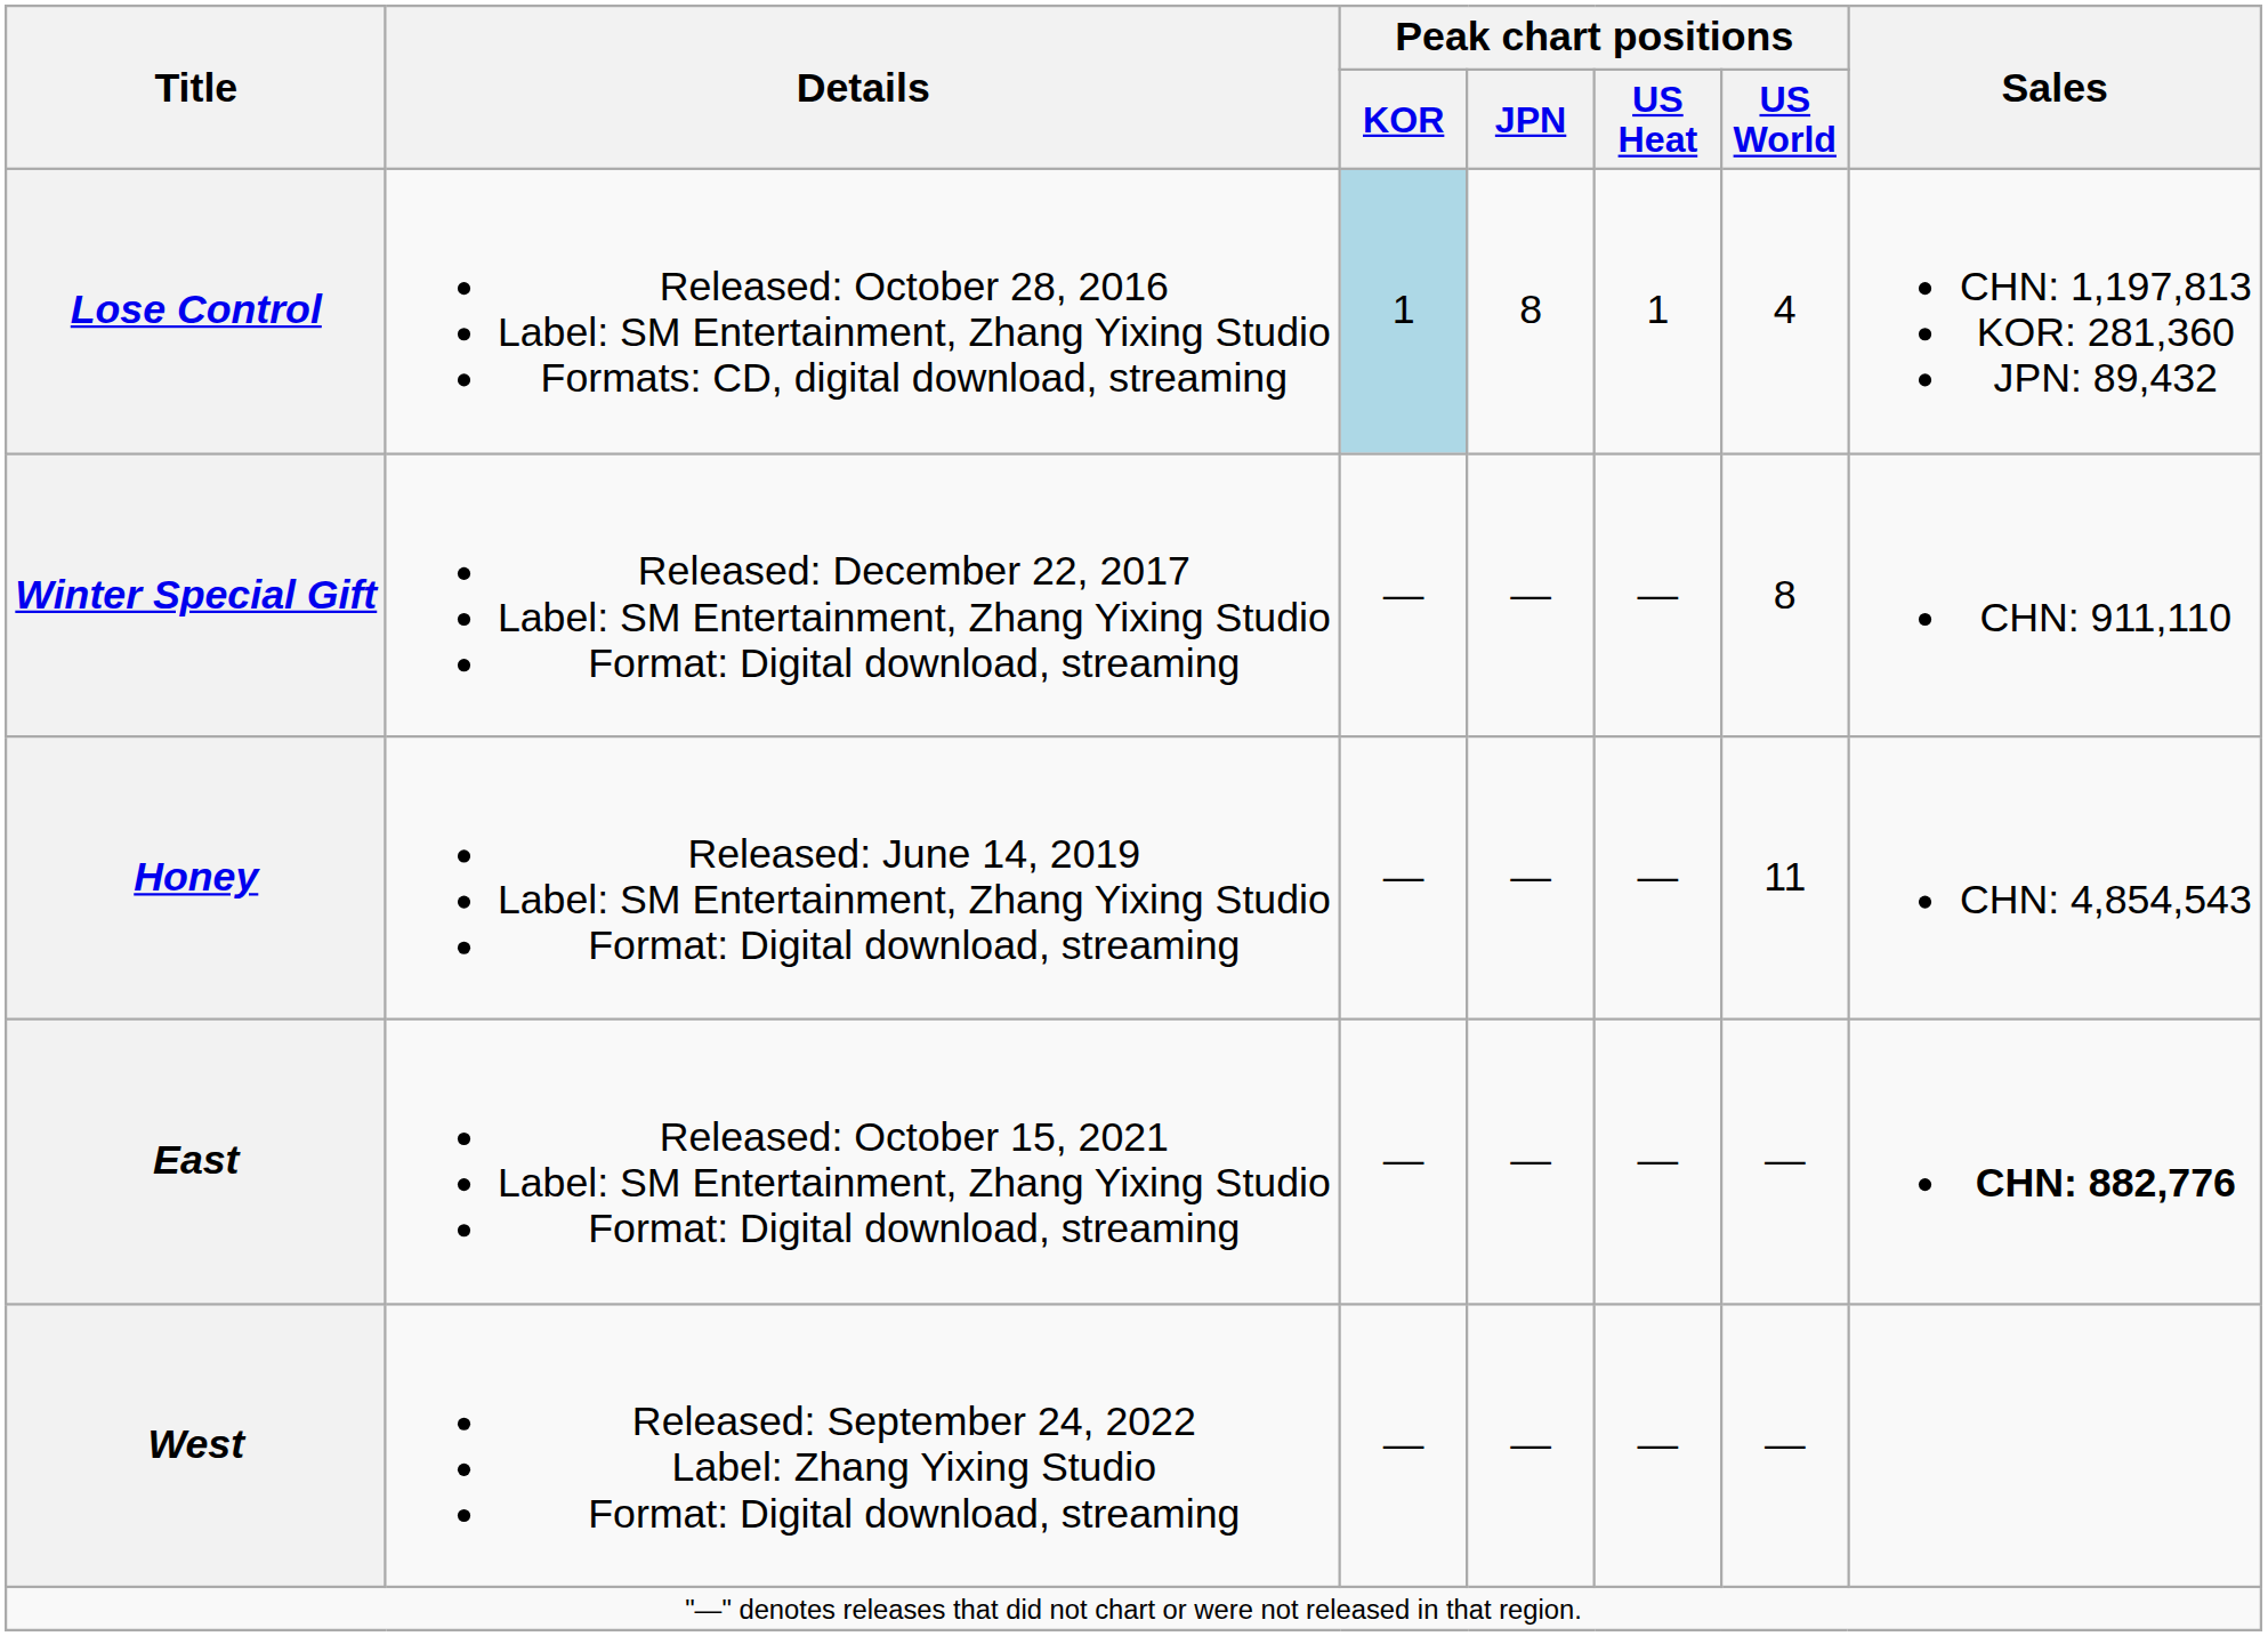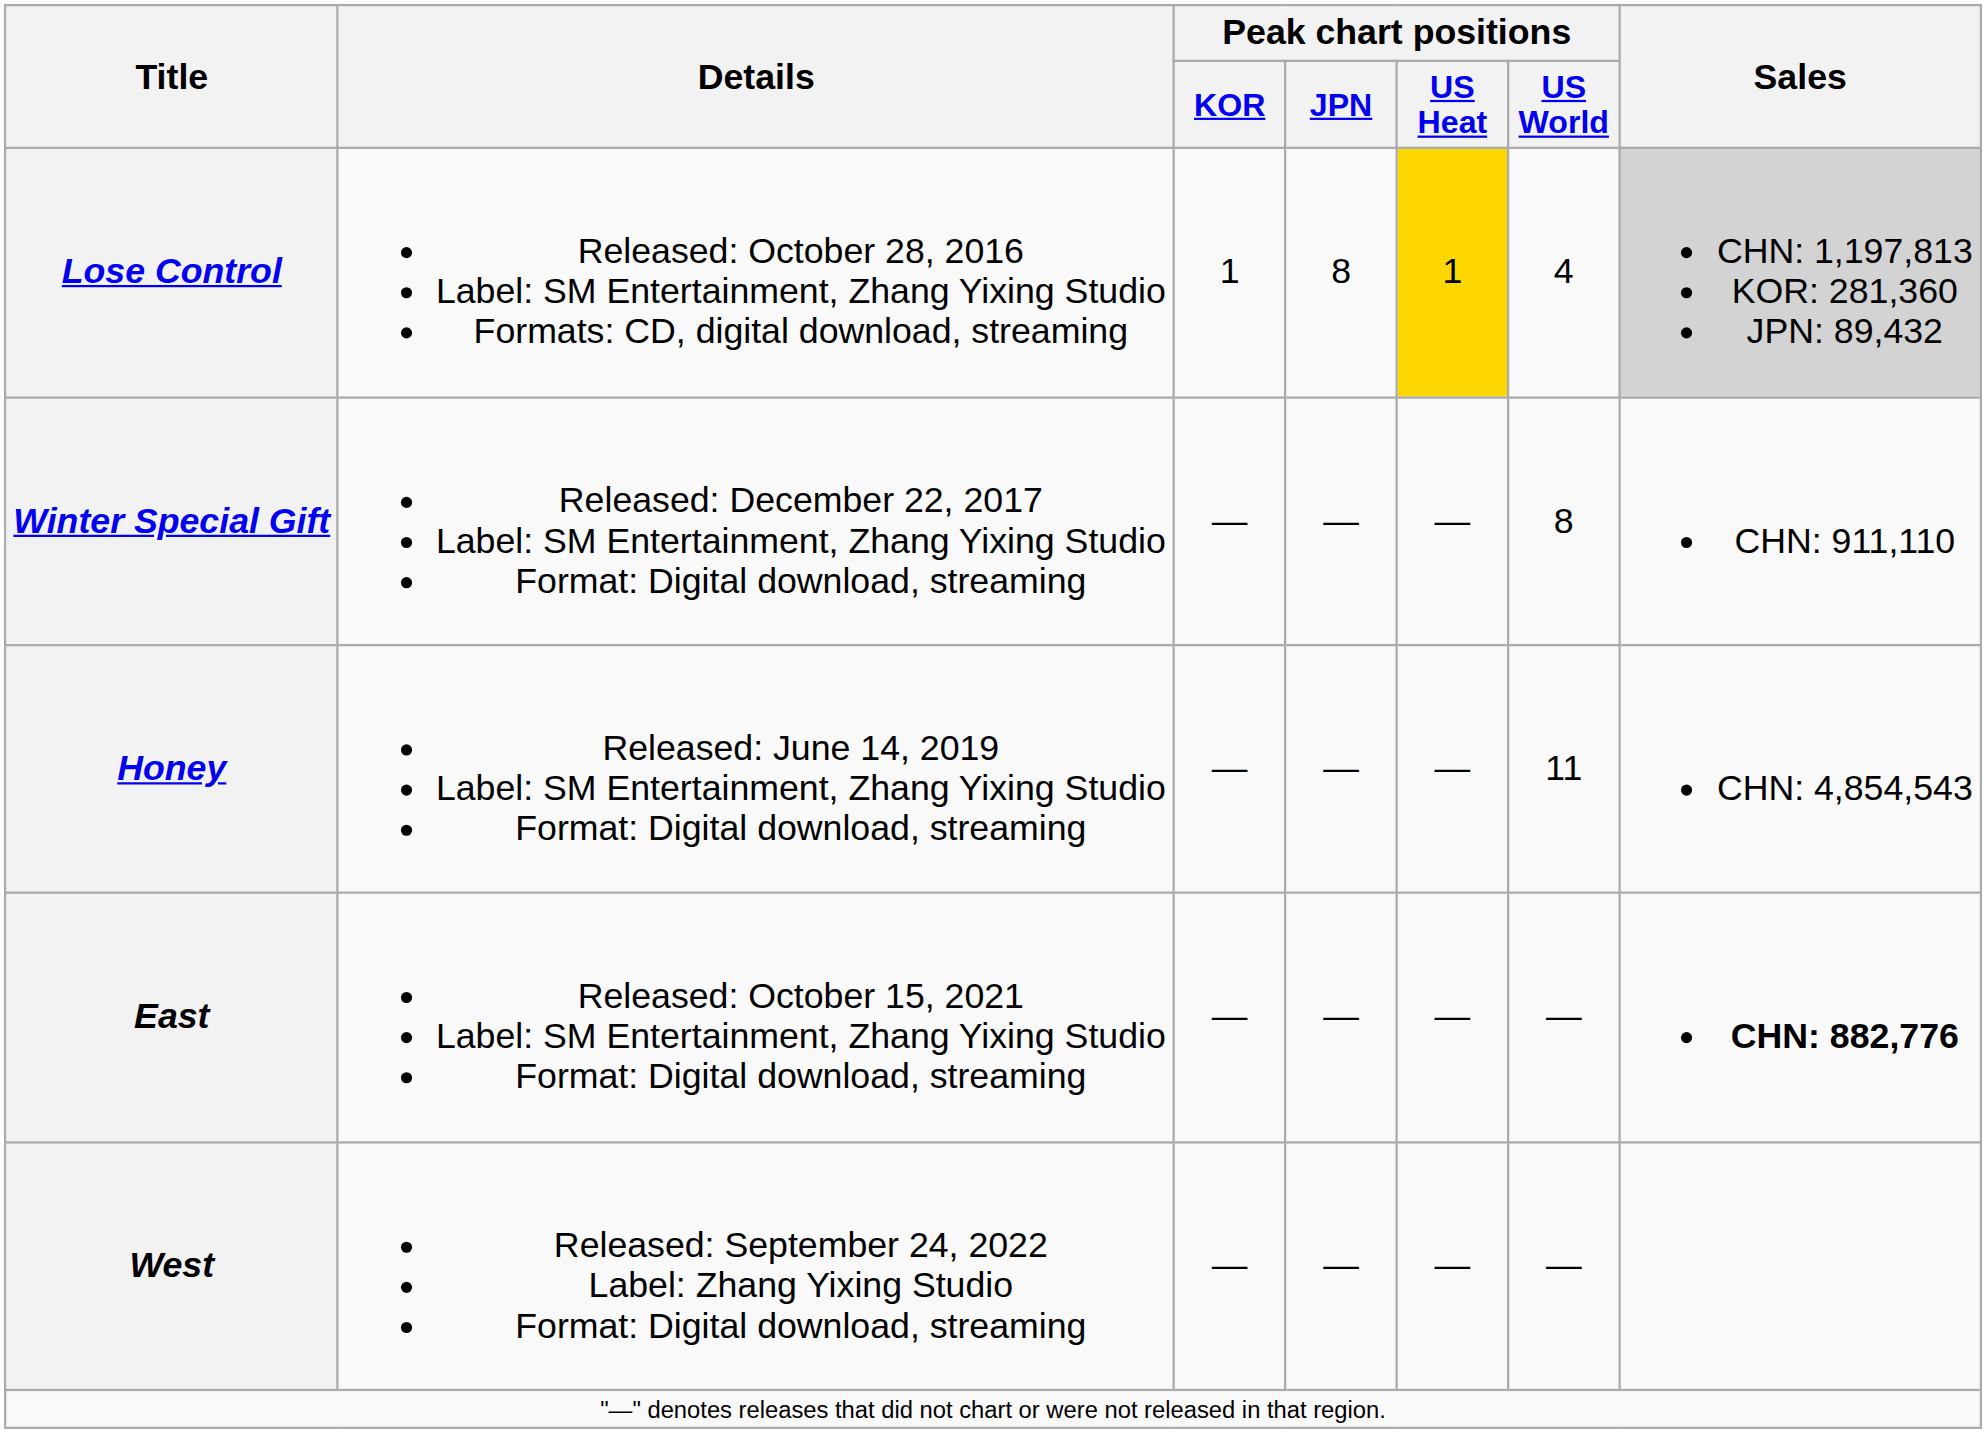 <table class="wikitable plainrowheaders" style="text-align:center;">
 <tr>
 <th scope="col" rowspan="2">Title</th>
 <th scope="col" rowspan="2">Details</th>
 <th scope="col" colspan="4">Peak chart positions</th>
 <th scope="col" rowspan="2">Sales</th>
 </tr>
 <tr>
 <th scope="col" style="width:3em;font-size:90%;"><a href='#'>KOR</a><br></th>
 <th scope="col" style="width:3em;font-size:90%;"><a href='#'>JPN</a><br></th>
 <th scope="col" style="width:3em;font-size:90%;"><a href='#'>US<br>Heat</a><br></th>
 <th scope="col" style="width:3em;font-size:90%;"><a href='#'>US<br>World</a><br></th>
 </tr>
 <tr>
 <th scope="row"><em><a href='#'>Lose Control</a></em></th>
 <td><br><ul><li>Released: October 28, 2016</li><li>Label: SM Entertainment, Zhang Yixing Studio</li><li>Formats: CD, digital download, streaming</li></ul></td>
-<td style="background: lightblue;">1</td>
+<td>1</td>
 <td>8</td>
-<td>1</td>
+<td style="background: gold;">1</td>
 <td>4</td>
-<td><br><ul><li>CHN: 1,197,813 <small></small></li><li>KOR: 281,360</li><li>JPN: 89,432</li></ul></td>
+<td style="background: lightgrey;"><br><ul><li>CHN: 1,197,813 <small></small></li><li>KOR: 281,360</li><li>JPN: 89,432</li></ul></td>
 </tr>
 <tr>
 <th scope="row"><em><a href='#'>Winter Special Gift</a></em></th>
 <td><br><ul><li>Released: December 22, 2017</li><li>Label: SM Entertainment, Zhang Yixing Studio</li><li>Format: Digital download, streaming</li></ul></td>
 <td>—</td>
 <td>—</td>
 <td>—</td>
 <td>8</td>
 <td><br><ul><li>CHN: 911,110 <small></small></li></ul></td>
 </tr>
 <tr>
 <th scope="row"><em><a href='#'>Honey</a></em></th>
 <td><br><ul><li>Released: June 14, 2019</li><li>Label: SM Entertainment, Zhang Yixing Studio</li><li>Format: Digital download, streaming</li></ul></td>
 <td>—</td>
 <td>—</td>
 <td>—</td>
 <td>11</td>
 <td><br><ul><li>CHN: 4,854,543 <small></small></li></ul></td>
 </tr>
 <tr>
 <th scope="row"><em>East</em></th>
 <td><br><ul><li>Released: October 15, 2021</li><li>Label: SM Entertainment, Zhang Yixing Studio</li><li>Format: Digital download, streaming</li></ul></td>
 <td>—</td>
 <td>—</td>
 <td>—</td>
 <td>—</td>
 <td><strong><br><ul><li>CHN: 882,776 <small></small></li></ul></strong></td>
 </tr>
 <tr>
 <th scope="row"><em>West</em></th>
 <td><br><ul><li>Released: September 24, 2022</li><li>Label: Zhang Yixing Studio</li><li>Format: Digital download, streaming</li></ul></td>
 <td>—</td>
 <td>—</td>
 <td>—</td>
 <td>—</td>
 <td></td>
 </tr>
 <tr>
 <td colspan="9" style="font-size:8pt;">"—" denotes releases that did not chart or were not released in that region.</td>
 </tr>
 </table>
